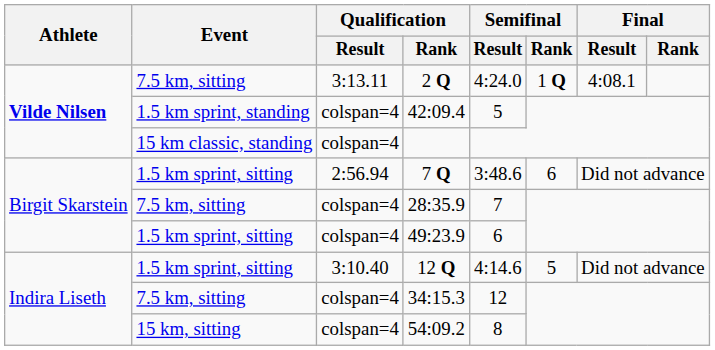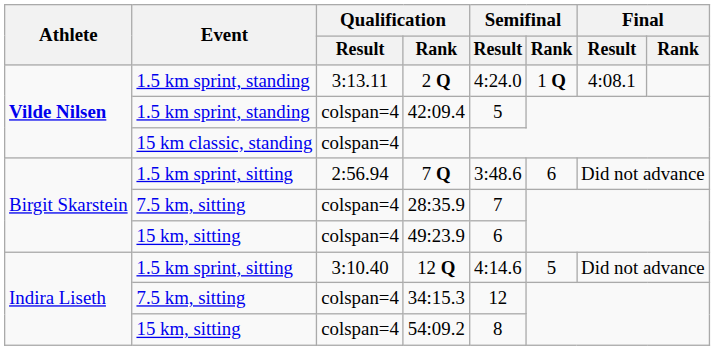 <table class="wikitable" style="font-size:90%">
 <tr>
 <th rowspan=2>Athlete</th>
 <th rowspan=2>Event</th>
 <th colspan=2>Qualification</th>
 <th colspan=2>Semifinal</th>
 <th colspan=2>Final</th>
 </tr>
 <tr style="font-size:95%">
 <th>Result</th>
 <th>Rank</th>
 <th>Result</th>
 <th>Rank</th>
 <th>Result</th>
 <th>Rank</th>
 </tr>
 <tr align=center>
 <td style="text-align:left;" rowspan="3"><strong><a href='#'>Vilde Nilsen</a></strong></td>
-<td align=left><a href='#'>7.5 km, sitting</a></td>
+<td align=left><a href='#'>1.5 km sprint, standing</a></td>
 <td>3:13.11</td>
 <td>2 <strong>Q</strong></td>
 <td>4:24.0</td>
 <td>1 <strong>Q</strong></td>
 <td>4:08.1</td>
 <td></td>
 </tr>
 <tr align=center>
 <td align=left><a href='#'>1.5 km sprint, standing</a></td>
 <td>colspan=4 </td>
 <td>42:09.4</td>
 <td>5</td>
 </tr>
 <tr align=center>
 <td align=left><a href='#'>15 km classic, standing</a></td>
 <td>colspan=4 </td>
 <td></td>
 </tr>
 <tr align=center>
 <td style="text-align:left;" rowspan="3"><a href='#'>Birgit Skarstein</a></td>
 <td align=left><a href='#'>1.5 km sprint, sitting</a></td>
 <td>2:56.94</td>
 <td>7 <strong>Q</strong></td>
 <td>3:48.6</td>
 <td>6</td>
 <td colspan=2>Did not advance</td>
 </tr>
 <tr align=center>
 <td align=left><a href='#'>7.5 km, sitting</a></td>
 <td>colspan=4 </td>
 <td>28:35.9</td>
 <td>7</td>
 </tr>
 <tr align=center>
-<td align=left><a href='#'>1.5 km sprint, sitting</a></td>
+<td align=left><a href='#'>15 km, sitting</a></td>
 <td>colspan=4 </td>
 <td>49:23.9</td>
 <td>6</td>
 </tr>
 <tr align=center>
 <td style="text-align:left;" rowspan="3"><a href='#'>Indira Liseth</a></td>
 <td align=left><a href='#'>1.5 km sprint, sitting</a></td>
 <td>3:10.40</td>
 <td>12 <strong>Q</strong></td>
 <td>4:14.6</td>
 <td>5</td>
 <td colspan=2>Did not advance</td>
 </tr>
 <tr align=center>
 <td align=left><a href='#'>7.5 km, sitting</a></td>
 <td>colspan=4 </td>
 <td>34:15.3</td>
 <td>12</td>
 </tr>
 <tr align=center>
 <td align=left><a href='#'>15 km, sitting</a></td>
 <td>colspan=4 </td>
 <td>54:09.2</td>
 <td>8</td>
 </tr>
 </table>
